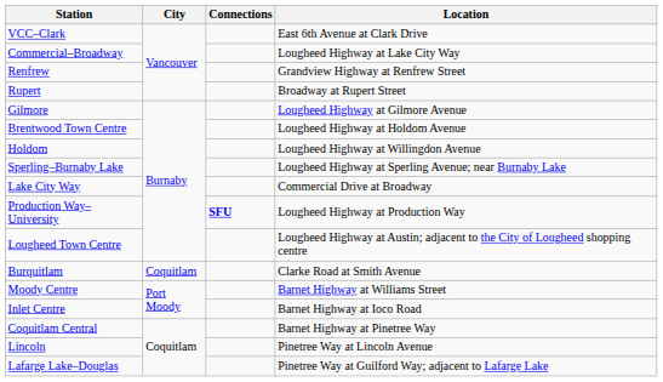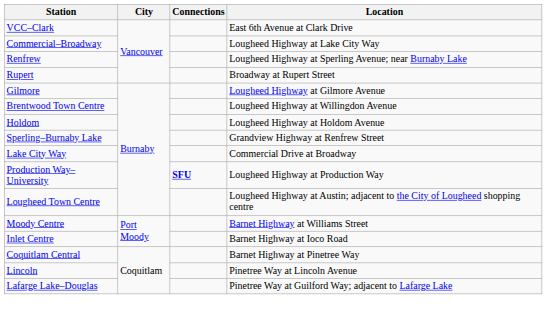 <table class="wikitable">
 <tr>
 <th>Station</th>
 <th>City</th>
 <th>Connections</th>
 <th>Location</th>
 </tr>
 <tr>
 <td><a href='#'>VCC–Clark</a></td>
 <td rowspan="4"><a href='#'>Vancouver</a></td>
 <td></td>
 <td>East 6th Avenue at Clark Drive</td>
 </tr>
 <tr>
 <td><a href='#'>Commercial–Broadway</a></td>
 <td> </td>
 <td>Lougheed Highway at Lake City Way</td>
 </tr>
 <tr>
 <td><a href='#'>Renfrew</a></td>
 <td></td>
-<td>Grandview Highway at Renfrew Street</td>
+<td>Lougheed Highway at Sperling Avenue; near <a href='#'>Burnaby Lake</a></td>
 </tr>
 <tr>
 <td><a href='#'>Rupert</a></td>
 <td></td>
 <td>Broadway at Rupert Street</td>
 </tr>
 <tr>
 <td><a href='#'>Gilmore</a></td>
 <td rowspan="7"><a href='#'>Burnaby</a></td>
 <td></td>
 <td><a href='#'>Lougheed Highway</a> at Gilmore Avenue</td>
 </tr>
 <tr>
 <td><a href='#'>Brentwood Town Centre</a></td>
 <td></td>
-<td>Lougheed Highway at Holdom Avenue</td>
+<td>Lougheed Highway at Willingdon Avenue</td>
 </tr>
 <tr>
 <td><a href='#'>Holdom</a></td>
 <td></td>
-<td>Lougheed Highway at Willingdon Avenue</td>
+<td>Lougheed Highway at Holdom Avenue</td>
 </tr>
 <tr>
 <td><a href='#'>Sperling–Burnaby Lake</a></td>
 <td></td>
-<td>Lougheed Highway at Sperling Avenue; near <a href='#'>Burnaby Lake</a></td>
+<td>Grandview Highway at Renfrew Street</td>
 </tr>
 <tr>
 <td><a href='#'>Lake City Way</a></td>
 <td></td>
 <td>Commercial Drive at Broadway</td>
 </tr>
 <tr>
 <td><a href='#'>Production Way–University</a></td>
 <td><strong> <a href='#'>SFU</a></strong></td>
 <td>Lougheed Highway at Production Way</td>
 </tr>
 <tr>
 <td><a href='#'>Lougheed Town Centre</a></td>
 <td></td>
 <td>Lougheed Highway at Austin; adjacent to <a href='#'>the City of Lougheed</a> shopping centre</td>
-</tr>
-<tr>
-<td><a href='#'>Burquitlam</a></td>
-<td><a href='#'>Coquitlam</a></td>
-<td></td>
-<td>Clarke Road at Smith Avenue</td>
 </tr>
 <tr>
 <td><a href='#'>Moody Centre</a></td>
 <td rowspan="2"><a href='#'>Port Moody</a></td>
 <td></td>
 <td><a href='#'>Barnet Highway</a> at Williams Street</td>
 </tr>
 <tr>
 <td><a href='#'>Inlet Centre</a></td>
 <td></td>
 <td>Barnet Highway at Ioco Road</td>
 </tr>
 <tr>
 <td><a href='#'>Coquitlam Central</a></td>
 <td rowspan="3">Coquitlam</td>
 <td> </td>
 <td>Barnet Highway at Pinetree Way</td>
 </tr>
 <tr>
 <td><a href='#'>Lincoln</a></td>
 <td></td>
 <td>Pinetree Way at Lincoln Avenue</td>
 </tr>
 <tr>
 <td><a href='#'>Lafarge Lake–Douglas</a></td>
 <td></td>
 <td>Pinetree Way at Guilford Way; adjacent to <a href='#'>Lafarge Lake</a></td>
 </tr>
 </table>
